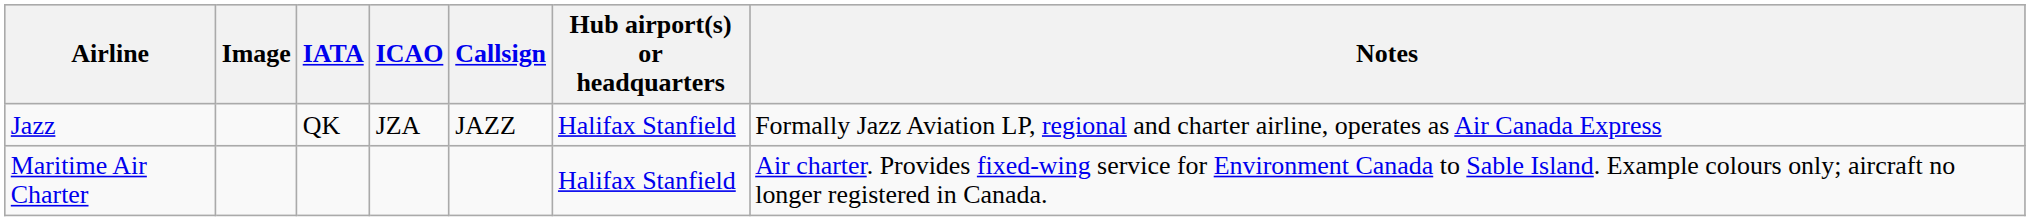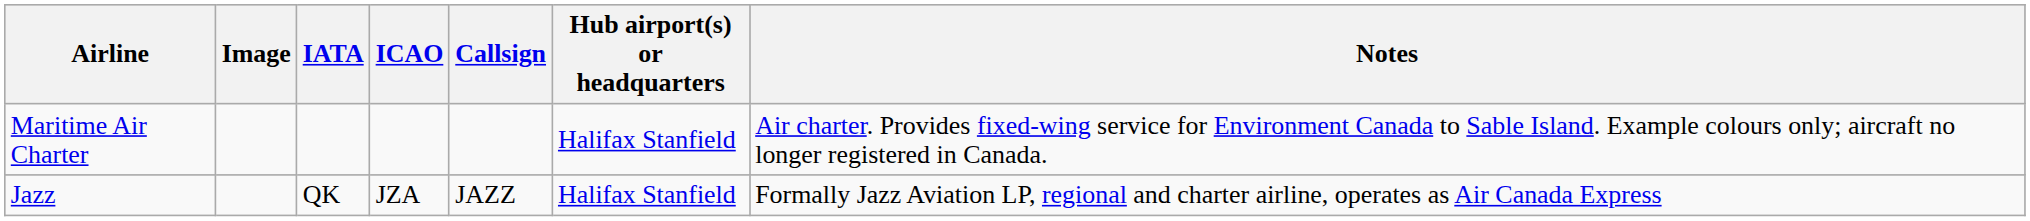 <table class="wikitable sortable" style="border: 0; cellpadding: 2; cellspacing: 3;">
 <tr style="vertical-align:middle;">
 <th>Airline</th>
 <th>Image</th>
 <th><a href='#'>IATA</a></th>
 <th><a href='#'>ICAO</a></th>
 <th><a href='#'>Callsign</a></th>
 <th>Hub airport(s) or<br>headquarters</th>
 <th class="unsortable">Notes</th>
 </tr>
 <tr>
+<td><a href='#'>Maritime Air Charter</a></td>
+<td></td>
+<td></td>
+<td></td>
+<td></td>
+<td><a href='#'>Halifax Stanfield</a></td>
+<td><a href='#'>Air charter</a>. Provides <a href='#'>fixed-wing</a> service for <a href='#'>Environment Canada</a> to <a href='#'>Sable Island</a>. Example colours only; aircraft no longer registered in Canada.</td>
+</tr>
+<tr>
 <td><a href='#'>Jazz</a></td>
 <td></td>
 <td>QK</td>
 <td>JZA</td>
 <td>JAZZ</td>
 <td><a href='#'>Halifax Stanfield</a></td>
 <td>Formally Jazz Aviation LP, <a href='#'>regional</a> and charter airline, operates as <a href='#'>Air Canada Express</a></td>
 </tr>
-<tr>
-<td><a href='#'>Maritime Air Charter</a></td>
-<td></td>
-<td></td>
-<td></td>
-<td></td>
-<td><a href='#'>Halifax Stanfield</a></td>
-<td><a href='#'>Air charter</a>. Provides <a href='#'>fixed-wing</a> service for <a href='#'>Environment Canada</a> to <a href='#'>Sable Island</a>. Example colours only; aircraft no longer registered in Canada.</td>
-</tr>
 </table>
